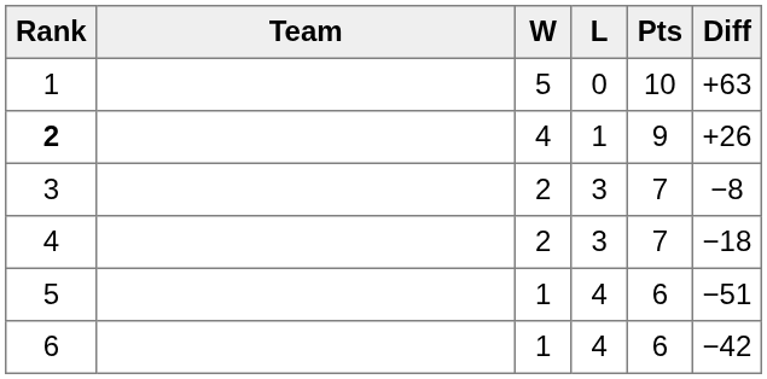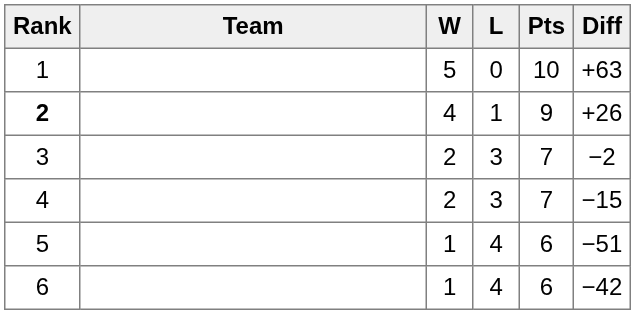 <table style=border-collapse:collapse border=1 cellspacing=0 cellpadding=5>
 <tr align=center bgcolor=#efefef>
 <th width=20>Rank</th>
 <th width=220>Team</th>
 <th width=20>W</th>
 <th width=20>L</th>
 <th width=20>Pts</th>
 <th width=20>Diff</th>
 </tr>
 <tr align=center>
 <td>1</td>
 <td align=left></td>
 <td>5</td>
 <td>0</td>
 <td>10</td>
 <td>+63</td>
 </tr>
 <tr align=center>
 <td><strong>2</strong></td>
 <td align=left></td>
 <td>4</td>
 <td>1</td>
 <td>9</td>
 <td>+26</td>
 </tr>
 <tr align=center>
 <td>3</td>
 <td align=left></td>
 <td>2</td>
 <td>3</td>
 <td>7</td>
-<td>−8</td>
+<td>−2</td>
 </tr>
 <tr align=center>
 <td>4</td>
 <td align=left></td>
 <td>2</td>
 <td>3</td>
 <td>7</td>
-<td>−18</td>
+<td>−15</td>
 </tr>
 <tr align=center>
 <td>5</td>
 <td align=left></td>
 <td>1</td>
 <td>4</td>
 <td>6</td>
 <td>−51</td>
 </tr>
 <tr align=center>
 <td>6</td>
 <td align=left></td>
 <td>1</td>
 <td>4</td>
 <td>6</td>
 <td>−42</td>
 </tr>
 </table>
